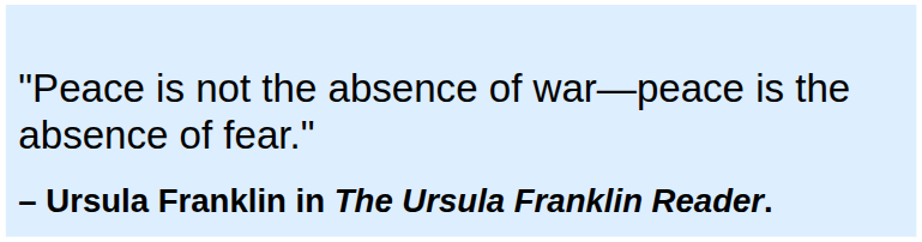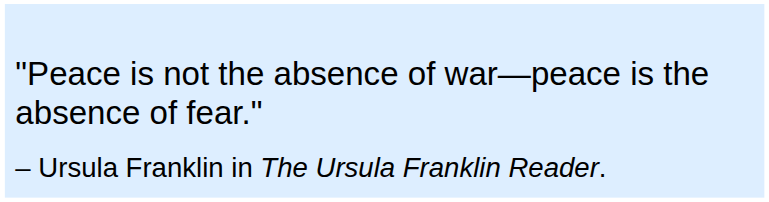 <table class="toccolours" style="float: left; margin-left: 1em; margin-right: 1em; font-size: 110%; background:#ddeeff; color:black; width:23em; max-width: 25%;" cellspacing="5">
 <tr>
 <td style="text-align: left;"><br>"Peace is not the absence of war—peace is the absence of fear."</td>
 </tr>
 <tr>
-<td style="text-align: left;"><strong><small> –  Ursula Franklin in <em>The Ursula Franklin Reader</em>.</small></strong></td>
+<td style="text-align: left;"><small> –  Ursula Franklin in <em>The Ursula Franklin Reader</em>.</small></td>
 </tr>
 </table>
